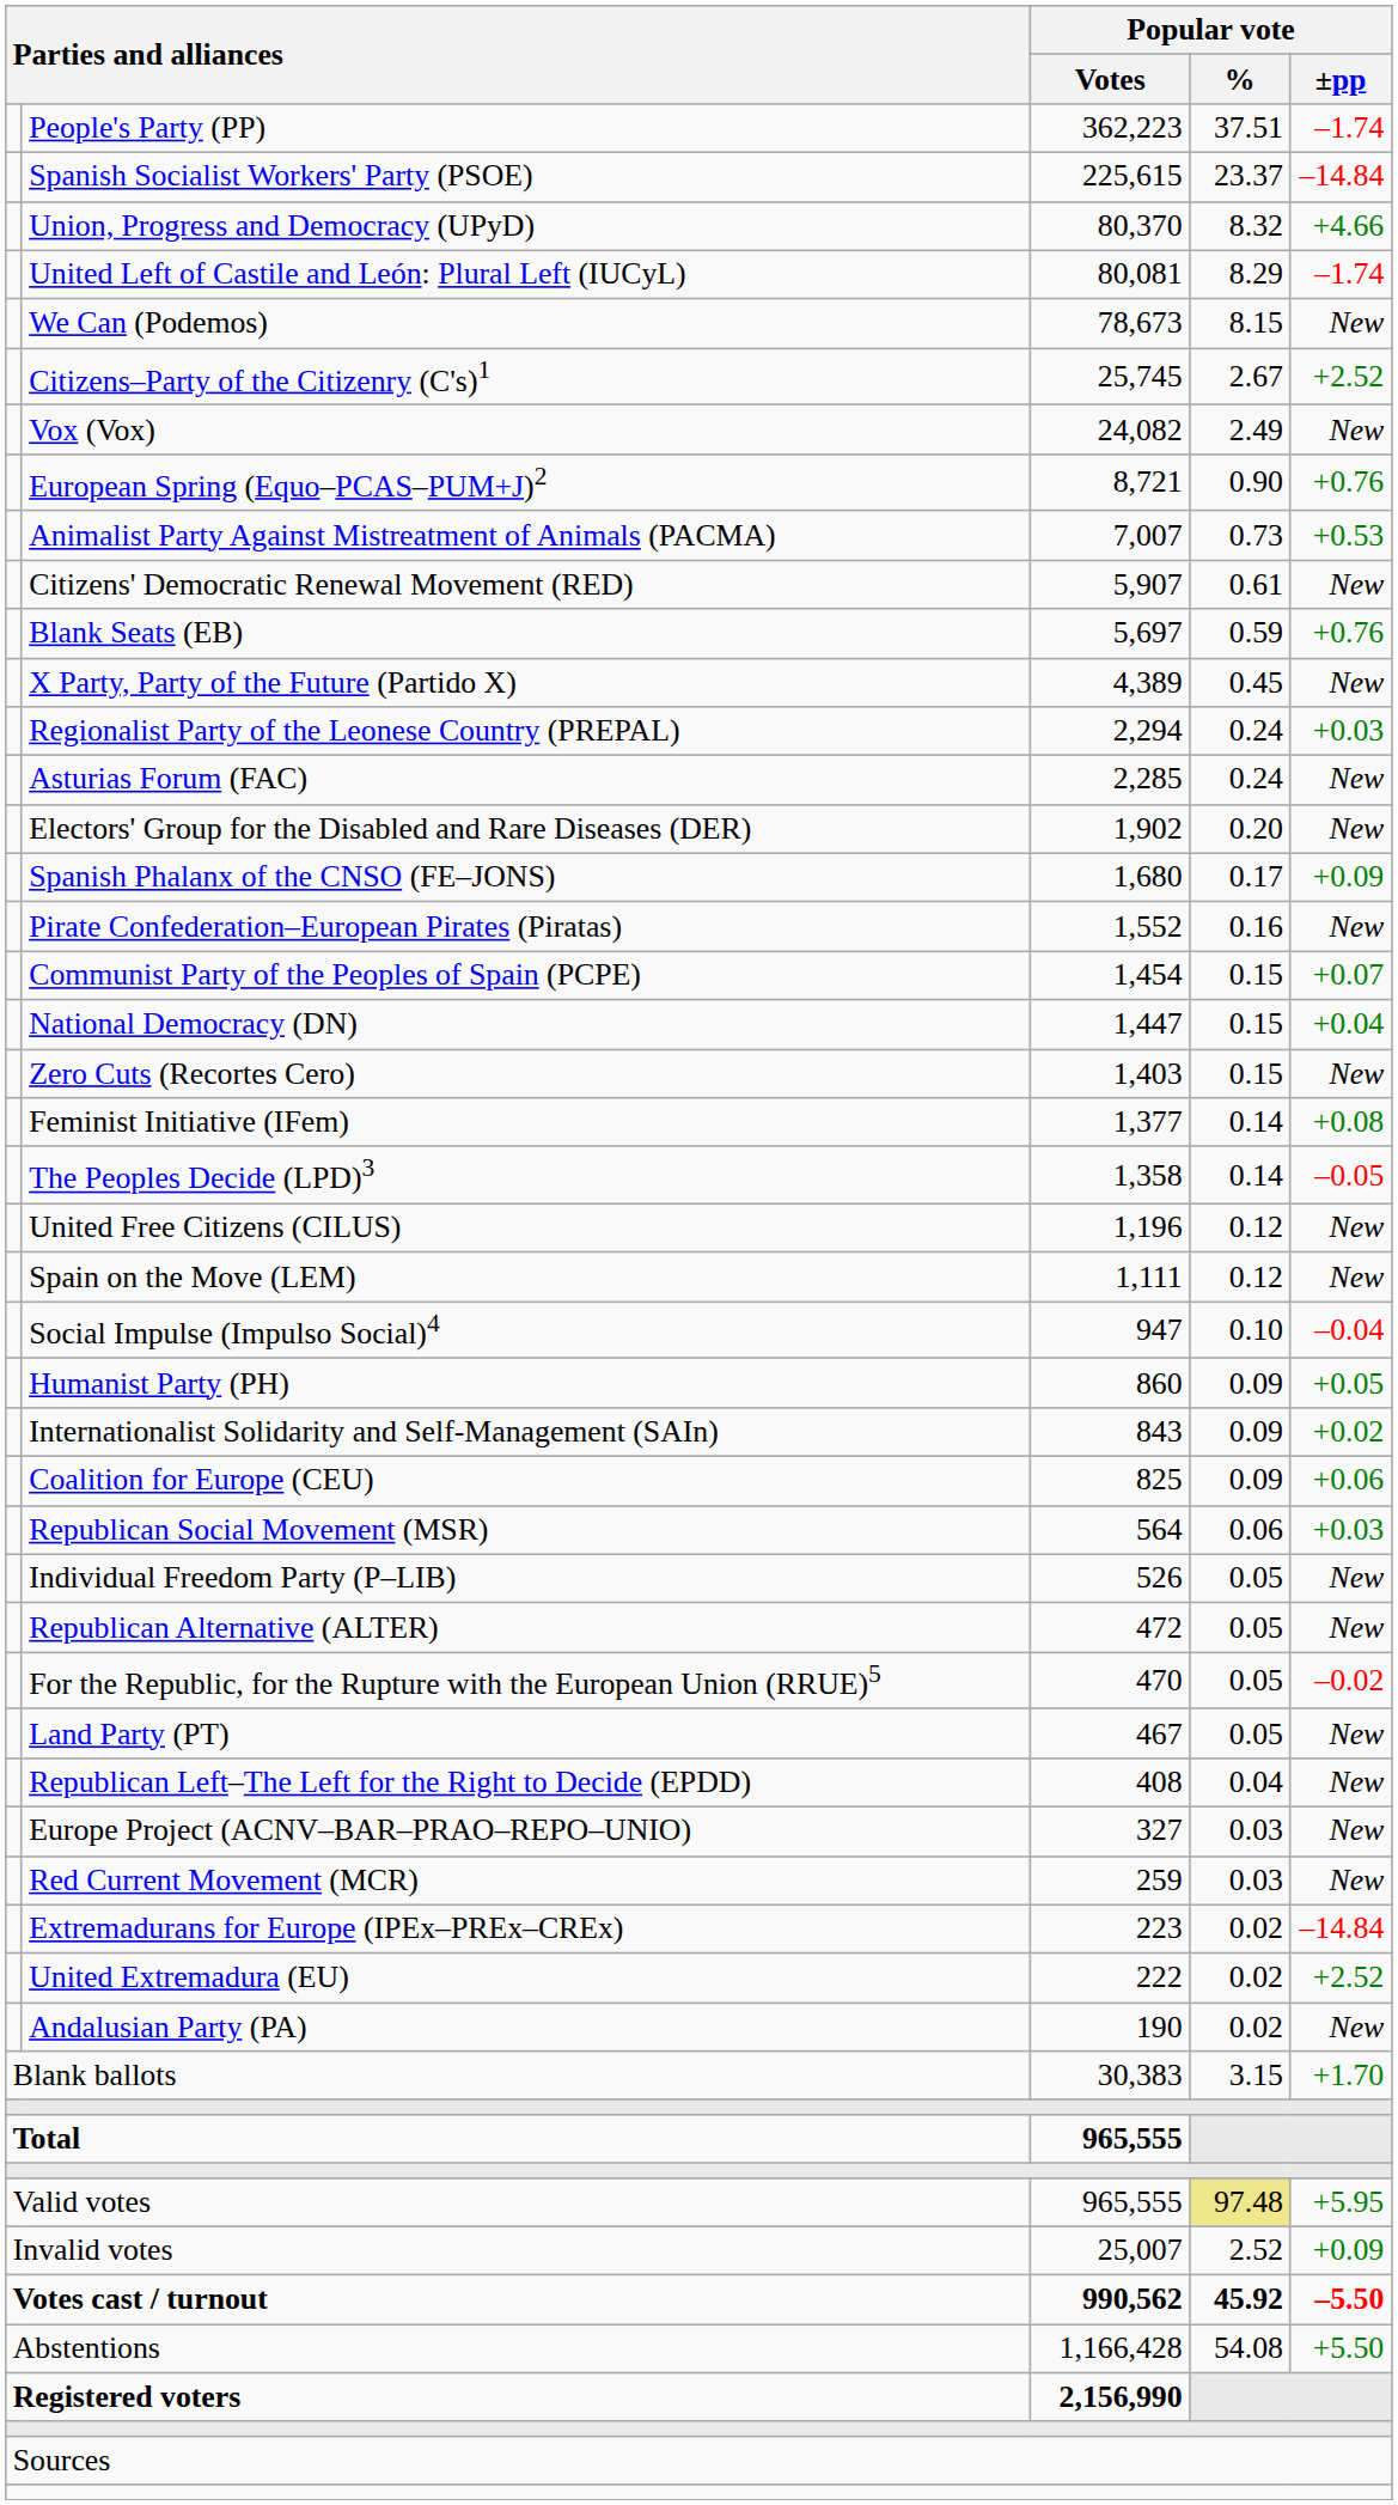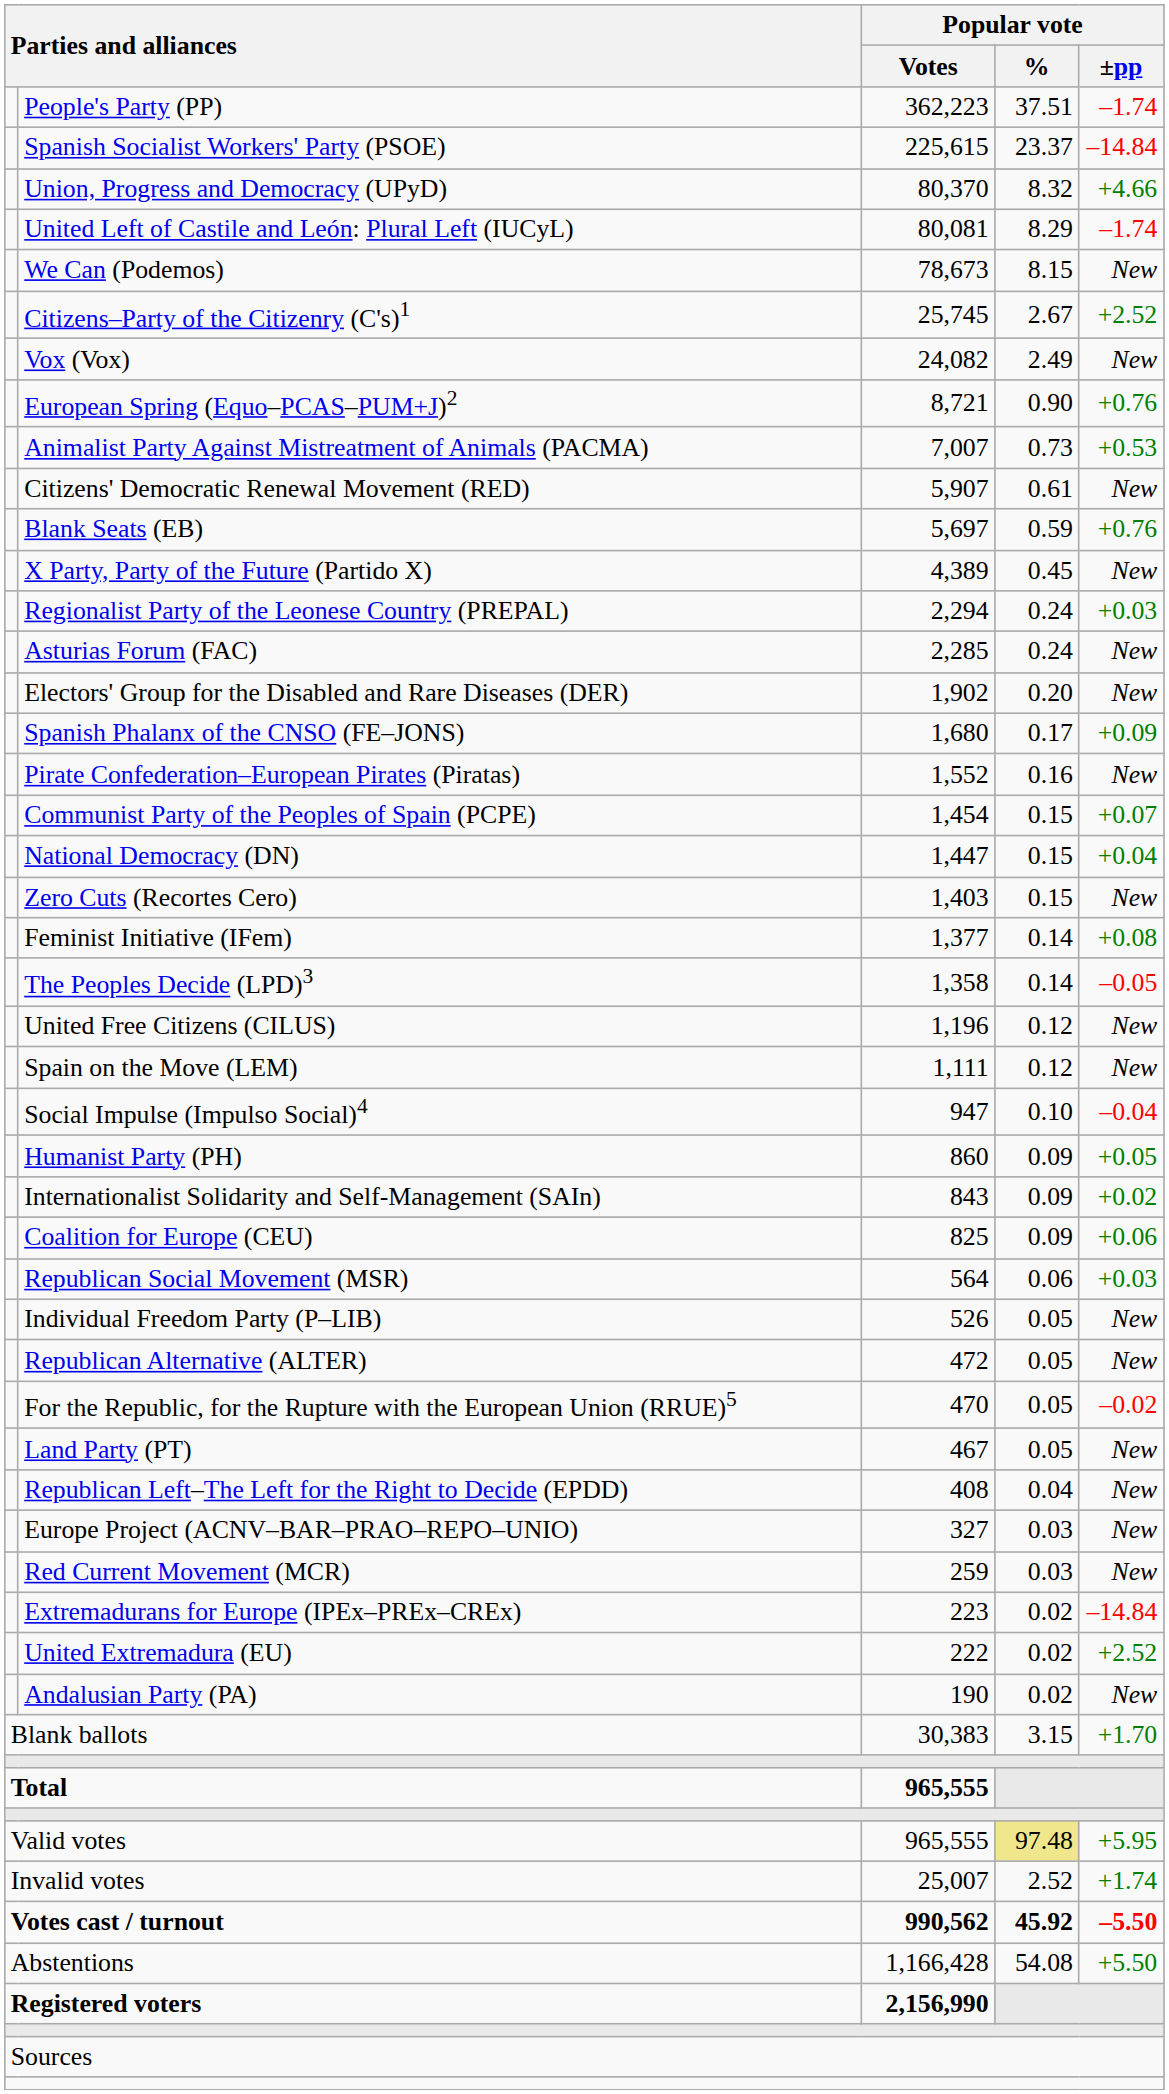 <table class="wikitable" style="text-align:right">
 <tr>
 <th style="text-align:left;" rowspan="2" colspan="2" width="525">Parties and alliances</th>
 <th colspan="3">Popular vote</th>
 </tr>
 <tr>
 <th width="75">Votes</th>
 <th width="45">%</th>
 <th width="45">±<a href='#'>pp</a></th>
 </tr>
 <tr>
 <td width="1" style="color:inherit;background:"></td>
 <td align="left"><a href='#'>People's Party</a> (PP)</td>
 <td>362,223</td>
 <td>37.51</td>
 <td style="color:red;">–1.74</td>
 </tr>
 <tr>
 <td style="color:inherit;background:"></td>
 <td align="left"><a href='#'>Spanish Socialist Workers' Party</a> (PSOE)</td>
 <td>225,615</td>
 <td>23.37</td>
 <td style="color:red;">–14.84</td>
 </tr>
 <tr>
 <td style="color:inherit;background:"></td>
 <td align="left"><a href='#'>Union, Progress and Democracy</a> (UPyD)</td>
 <td>80,370</td>
 <td>8.32</td>
 <td style="color:green;">+4.66</td>
 </tr>
 <tr>
 <td style="color:inherit;background:"></td>
 <td align="left"><a href='#'>United Left of Castile and León</a>: <a href='#'>Plural Left</a> (IUCyL)</td>
 <td>80,081</td>
 <td>8.29</td>
 <td style="color:red;">–1.74</td>
 </tr>
 <tr>
 <td style="color:inherit;background:"></td>
 <td align="left"><a href='#'>We Can</a> (Podemos)</td>
 <td>78,673</td>
 <td>8.15</td>
 <td><em>New</em></td>
 </tr>
 <tr>
 <td style="color:inherit;background:"></td>
 <td align="left"><a href='#'>Citizens–Party of the Citizenry</a> (C's)<sup>1</sup></td>
 <td>25,745</td>
 <td>2.67</td>
 <td style="color:green;">+2.52</td>
 </tr>
 <tr>
 <td style="color:inherit;background:"></td>
 <td align="left"><a href='#'>Vox</a> (Vox)</td>
 <td>24,082</td>
 <td>2.49</td>
 <td><em>New</em></td>
 </tr>
 <tr>
 <td style="color:inherit;background:"></td>
 <td align="left"><a href='#'>European Spring</a> (<a href='#'>Equo</a>–<a href='#'>PCAS</a>–<a href='#'>PUM+J</a>)<sup>2</sup></td>
 <td>8,721</td>
 <td>0.90</td>
 <td style="color:green;">+0.76</td>
 </tr>
 <tr>
 <td style="color:inherit;background:"></td>
 <td align="left"><a href='#'>Animalist Party Against Mistreatment of Animals</a> (PACMA)</td>
 <td>7,007</td>
 <td>0.73</td>
 <td style="color:green;">+0.53</td>
 </tr>
 <tr>
 <td style="color:inherit;background:"></td>
 <td align="left">Citizens' Democratic Renewal Movement (RED)</td>
 <td>5,907</td>
 <td>0.61</td>
 <td><em>New</em></td>
 </tr>
 <tr>
 <td style="color:inherit;background:"></td>
 <td align="left"><a href='#'>Blank Seats</a> (EB)</td>
 <td>5,697</td>
 <td>0.59</td>
 <td style="color:green;">+0.76</td>
 </tr>
 <tr>
 <td style="color:inherit;background:"></td>
 <td align="left"><a href='#'>X Party, Party of the Future</a> (Partido X)</td>
 <td>4,389</td>
 <td>0.45</td>
 <td><em>New</em></td>
 </tr>
 <tr>
 <td style="color:inherit;background:"></td>
 <td align="left"><a href='#'>Regionalist Party of the Leonese Country</a> (PREPAL)</td>
 <td>2,294</td>
 <td>0.24</td>
 <td style="color:green;">+0.03</td>
 </tr>
 <tr>
 <td style="color:inherit;background:"></td>
 <td align="left"><a href='#'>Asturias Forum</a> (FAC)</td>
 <td>2,285</td>
 <td>0.24</td>
 <td><em>New</em></td>
 </tr>
 <tr>
 <td style="color:inherit;background:"></td>
 <td align="left">Electors' Group for the Disabled and Rare Diseases (DER)</td>
 <td>1,902</td>
 <td>0.20</td>
 <td><em>New</em></td>
 </tr>
 <tr>
 <td style="color:inherit;background:"></td>
 <td align="left"><a href='#'>Spanish Phalanx of the CNSO</a> (FE–JONS)</td>
 <td>1,680</td>
 <td>0.17</td>
 <td style="color:green;">+0.09</td>
 </tr>
 <tr>
 <td style="color:inherit;background:"></td>
 <td align="left"><a href='#'>Pirate Confederation–European Pirates</a> (Piratas)</td>
 <td>1,552</td>
 <td>0.16</td>
 <td><em>New</em></td>
 </tr>
 <tr>
 <td style="color:inherit;background:"></td>
 <td align="left"><a href='#'>Communist Party of the Peoples of Spain</a> (PCPE)</td>
 <td>1,454</td>
 <td>0.15</td>
 <td style="color:green;">+0.07</td>
 </tr>
 <tr>
 <td style="color:inherit;background:"></td>
 <td align="left"><a href='#'>National Democracy</a> (DN)</td>
 <td>1,447</td>
 <td>0.15</td>
 <td style="color:green;">+0.04</td>
 </tr>
 <tr>
 <td style="color:inherit;background:"></td>
 <td align="left"><a href='#'>Zero Cuts</a> (Recortes Cero)</td>
 <td>1,403</td>
 <td>0.15</td>
 <td><em>New</em></td>
 </tr>
 <tr>
 <td style="color:inherit;background:"></td>
 <td align="left">Feminist Initiative (IFem)</td>
 <td>1,377</td>
 <td>0.14</td>
 <td style="color:green;">+0.08</td>
 </tr>
 <tr>
 <td style="color:inherit;background:"></td>
 <td align="left"><a href='#'>The Peoples Decide</a> (LPD)<sup>3</sup></td>
 <td>1,358</td>
 <td>0.14</td>
 <td style="color:red;">–0.05</td>
 </tr>
 <tr>
 <td style="color:inherit;background:"></td>
 <td align="left">United Free Citizens (CILUS)</td>
 <td>1,196</td>
 <td>0.12</td>
 <td><em>New</em></td>
 </tr>
 <tr>
 <td style="color:inherit;background:"></td>
 <td align="left">Spain on the Move (LEM)</td>
 <td>1,111</td>
 <td>0.12</td>
 <td><em>New</em></td>
 </tr>
 <tr>
 <td style="color:inherit;background:"></td>
 <td align="left">Social Impulse (Impulso Social)<sup>4</sup></td>
 <td>947</td>
 <td>0.10</td>
 <td style="color:red;">–0.04</td>
 </tr>
 <tr>
 <td style="color:inherit;background:"></td>
 <td align="left"><a href='#'>Humanist Party</a> (PH)</td>
 <td>860</td>
 <td>0.09</td>
 <td style="color:green;">+0.05</td>
 </tr>
 <tr>
 <td style="color:inherit;background:"></td>
 <td align="left">Internationalist Solidarity and Self-Management (SAIn)</td>
 <td>843</td>
 <td>0.09</td>
 <td style="color:green;">+0.02</td>
 </tr>
 <tr>
 <td style="color:inherit;background:"></td>
 <td align="left"><a href='#'>Coalition for Europe</a> (CEU)</td>
 <td>825</td>
 <td>0.09</td>
 <td style="color:green;">+0.06</td>
 </tr>
 <tr>
 <td style="color:inherit;background:"></td>
 <td align="left"><a href='#'>Republican Social Movement</a> (MSR)</td>
 <td>564</td>
 <td>0.06</td>
 <td style="color:green;">+0.03</td>
 </tr>
 <tr>
 <td style="color:inherit;background:"></td>
 <td align="left">Individual Freedom Party (P–LIB)</td>
 <td>526</td>
 <td>0.05</td>
 <td><em>New</em></td>
 </tr>
 <tr>
 <td style="color:inherit;background:"></td>
 <td align="left"><a href='#'>Republican Alternative</a> (ALTER)</td>
 <td>472</td>
 <td>0.05</td>
 <td><em>New</em></td>
 </tr>
 <tr>
 <td style="color:inherit;background:"></td>
 <td align="left">For the Republic, for the Rupture with the European Union (RRUE)<sup>5</sup></td>
 <td>470</td>
 <td>0.05</td>
 <td style="color:red;">–0.02</td>
 </tr>
 <tr>
 <td style="color:inherit;background:"></td>
 <td align="left"><a href='#'>Land Party</a> (PT)</td>
 <td>467</td>
 <td>0.05</td>
 <td><em>New</em></td>
 </tr>
 <tr>
 <td style="color:inherit;background:"></td>
 <td align="left"><a href='#'>Republican Left</a>–<a href='#'>The Left for the Right to Decide</a> (EPDD)</td>
 <td>408</td>
 <td>0.04</td>
 <td><em>New</em></td>
 </tr>
 <tr>
 <td style="color:inherit;background:"></td>
 <td align="left">Europe Project (ACNV–BAR–PRAO–REPO–UNIO)</td>
 <td>327</td>
 <td>0.03</td>
 <td><em>New</em></td>
 </tr>
 <tr>
 <td style="color:inherit;background:"></td>
 <td align="left"><a href='#'>Red Current Movement</a> (MCR)</td>
 <td>259</td>
 <td>0.03</td>
 <td><em>New</em></td>
 </tr>
 <tr>
 <td style="color:inherit;background:"></td>
 <td align="left"><a href='#'>Extremadurans for Europe</a> (IPEx–PREx–CREx)</td>
 <td>223</td>
 <td>0.02</td>
 <td style="color:red;">–14.84</td>
 </tr>
 <tr>
 <td style="color:inherit;background:"></td>
 <td align="left"><a href='#'>United Extremadura</a> (EU)</td>
 <td>222</td>
 <td>0.02</td>
 <td style="color:green;">+2.52</td>
 </tr>
 <tr>
 <td style="color:inherit;background:"></td>
 <td align="left"><a href='#'>Andalusian Party</a> (PA)</td>
 <td>190</td>
 <td>0.02</td>
 <td><em>New</em></td>
 </tr>
 <tr>
 <td align="left" colspan="2">Blank ballots</td>
 <td>30,383</td>
 <td>3.15</td>
 <td style="color:green;">+1.70</td>
 </tr>
 <tr>
 <td colspan="5" bgcolor="#E9E9E9"></td>
 </tr>
 <tr style="font-weight:bold;">
 <td align="left" colspan="2">Total</td>
 <td>965,555</td>
 <td bgcolor="#E9E9E9" colspan="2"></td>
 </tr>
 <tr>
 <td colspan="5" bgcolor="#E9E9E9"></td>
 </tr>
 <tr>
 <td align="left" colspan="2">Valid votes</td>
 <td>965,555</td>
 <td style="background: khaki;">97.48</td>
 <td style="color:green;">+5.95</td>
 </tr>
 <tr>
 <td align="left" colspan="2">Invalid votes</td>
 <td>25,007</td>
 <td>2.52</td>
-<td style="color:green;">+0.09</td>
+<td style="color:green;">+1.74</td>
 </tr>
 <tr style="font-weight:bold;">
 <td align="left" colspan="2">Votes cast / turnout</td>
 <td>990,562</td>
 <td>45.92</td>
 <td style="color:red;">–5.50</td>
 </tr>
 <tr>
 <td align="left" colspan="2">Abstentions</td>
 <td>1,166,428</td>
 <td>54.08</td>
 <td style="color:green;">+5.50</td>
 </tr>
 <tr style="font-weight:bold;">
 <td align="left" colspan="2">Registered voters</td>
 <td>2,156,990</td>
 <td bgcolor="#E9E9E9" colspan="2"></td>
 </tr>
 <tr>
 <td colspan="5" bgcolor="#E9E9E9"></td>
 </tr>
 <tr>
 <td align="left" colspan="5">Sources</td>
 </tr>
 <tr>
 <td colspan="5" style="text-align:left; max-width:680px;"></td>
 </tr>
 </table>
